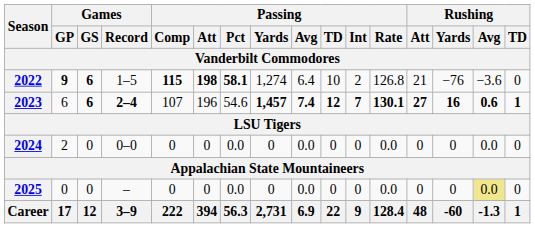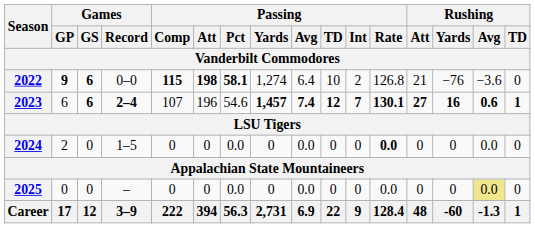 <table class="wikitable" style="text-align:center;">
 <tr>
 <th rowspan="2">Season</th>
 <th colspan="3">Games</th>
 <th colspan="8">Passing</th>
 <th colspan="5">Rushing</th>
 </tr>
 <tr>
 <th>GP</th>
 <th>GS</th>
 <th>Record</th>
 <th>Comp</th>
 <th>Att</th>
 <th>Pct</th>
 <th>Yards</th>
 <th>Avg</th>
 <th>TD</th>
 <th>Int</th>
 <th>Rate</th>
 <th>Att</th>
 <th>Yards</th>
 <th>Avg</th>
 <th>TD</th>
 </tr>
 <tr>
 <th colspan="16">Vanderbilt Commodores</th>
 </tr>
 <tr>
 <th><a href='#'>2022</a></th>
 <td><strong>9</strong></td>
 <td><strong>6</strong></td>
-<td>1–5</td>
+<td>0–0</td>
 <td><strong>115</strong></td>
 <td><strong>198</strong></td>
 <td><strong>58.1</strong></td>
 <td>1,274</td>
 <td>6.4</td>
 <td>10</td>
 <td>2</td>
 <td>126.8</td>
 <td>21</td>
 <td>−76</td>
 <td>−3.6</td>
 <td>0</td>
 </tr>
 <tr>
 <th><a href='#'>2023</a></th>
 <td>6</td>
 <td><strong>6</strong></td>
 <td><strong>2–4</strong></td>
 <td>107</td>
 <td>196</td>
 <td>54.6</td>
 <td><strong>1,457</strong></td>
 <td><strong>7.4</strong></td>
 <td><strong>12</strong></td>
 <td><strong>7</strong></td>
 <td><strong>130.1</strong></td>
 <td><strong>27</strong></td>
 <td><strong>16</strong></td>
 <td><strong>0.6</strong></td>
 <td><strong>1</strong></td>
 </tr>
 <tr>
 <th colspan="16">LSU Tigers</th>
 </tr>
 <tr>
 <th><a href='#'>2024</a></th>
 <td>2</td>
 <td>0</td>
-<td>0–0</td>
+<td>1–5</td>
 <td>0</td>
 <td>0</td>
 <td>0.0</td>
 <td>0</td>
 <td>0.0</td>
 <td>0</td>
 <td>0</td>
-<td>0.0</td>
+<td><strong>0.0</strong></td>
 <td>0</td>
 <td>0</td>
 <td>0.0</td>
 <td>0</td>
 </tr>
 <tr>
 <th colspan="16">Appalachian State Mountaineers</th>
 </tr>
 <tr>
 <th><a href='#'>2025</a></th>
 <td>0</td>
 <td>0</td>
 <td>–</td>
 <td>0</td>
 <td>0</td>
 <td>0.0</td>
 <td>0</td>
 <td>0.0</td>
 <td>0</td>
 <td>0</td>
 <td>0.0</td>
 <td>0</td>
 <td>0</td>
 <td style="background: khaki;">0.0</td>
 <td>0</td>
 </tr>
 <tr>
 <th>Career</th>
 <th>17</th>
 <th>12</th>
 <th>3–9</th>
 <th>222</th>
 <th>394</th>
 <th>56.3</th>
 <th>2,731</th>
 <th>6.9</th>
 <th>22</th>
 <th>9</th>
 <th>128.4</th>
 <th>48</th>
 <th>-60</th>
 <th>-1.3</th>
 <th>1</th>
 </tr>
 </table>
